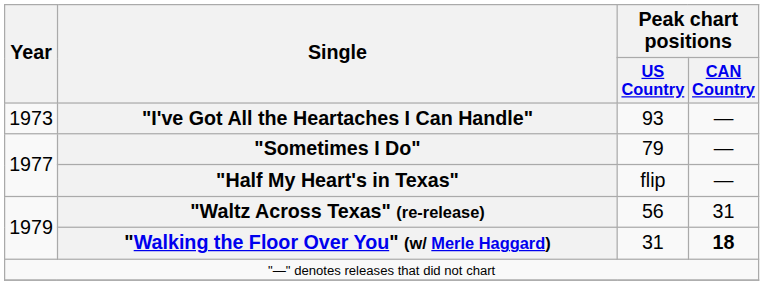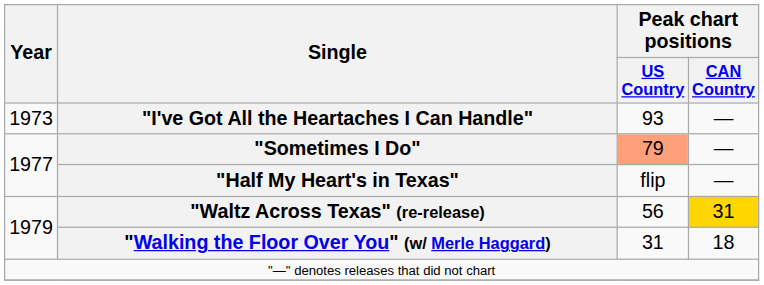 <table class="wikitable plainrowheaders" style="text-align:center;">
 <tr>
 <th rowspan="2">Year</th>
 <th rowspan="2" style="width:28em;">Single</th>
 <th colspan="2">Peak chart<br>positions</th>
 </tr>
 <tr style="font-size:smaller;">
 <th width="45"><a href='#'>US Country</a></th>
 <th width="45"><a href='#'>CAN Country</a></th>
 </tr>
 <tr>
 <td>1973</td>
 <th scope="row">"I've Got All the Heartaches I Can Handle"</th>
 <td>93</td>
 <td>—</td>
 </tr>
 <tr>
 <td rowspan="2">1977</td>
 <th scope="row">"Sometimes I Do"</th>
-<td>79</td>
+<td style="background: lightsalmon;">79</td>
 <td>—</td>
 </tr>
 <tr>
 <th scope="row">"Half My Heart's in Texas"</th>
 <td>flip</td>
 <td>—</td>
 </tr>
 <tr>
 <td rowspan="2">1979</td>
 <th scope="row">"Waltz Across Texas" <small>(re-release)</small></th>
 <td>56</td>
-<td>31</td>
+<td style="background: gold;">31</td>
 </tr>
 <tr>
 <th scope="row">"<a href='#'>Walking the Floor Over You</a>" <small>(w/ <a href='#'>Merle Haggard</a>)</small></th>
 <td>31</td>
-<td><strong>18</strong></td>
+<td>18</td>
 </tr>
 <tr>
 <td colspan="4" style="font-size:8pt">"—" denotes releases that did not chart</td>
 </tr>
 <tr>
 </tr>
 </table>
